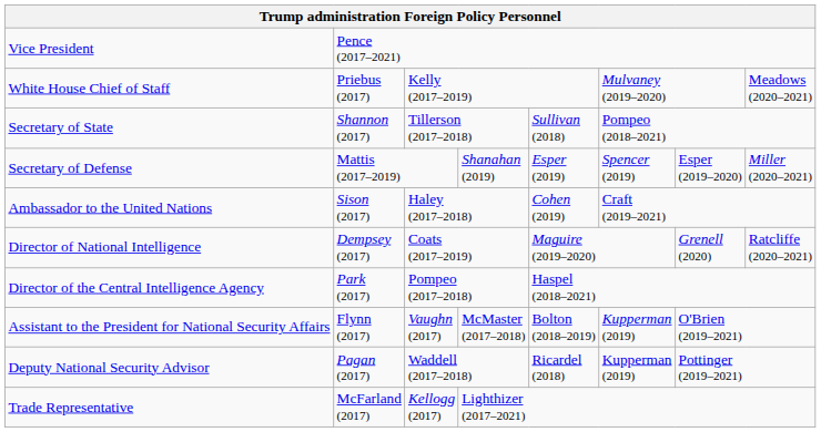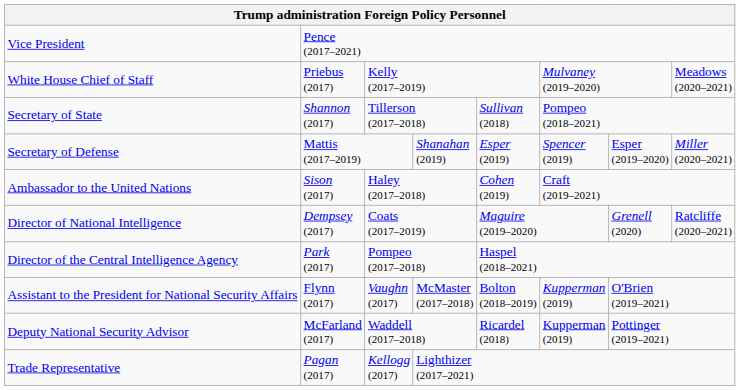 <table class="wikitable">
 <tr>
 <th colspan="8">Trump administration Foreign Policy Personnel</th>
 </tr>
 <tr>
 <td><a href='#'>Vice President</a></td>
 <td colspan="7"><a href='#'>Pence</a><br><small>(2017–2021)</small></td>
 </tr>
 <tr>
 <td><a href='#'>White House Chief of Staff</a></td>
 <td><a href='#'>Priebus</a><br><small>(2017)</small></td>
 <td colspan="3"><a href='#'>Kelly</a><br><small>(2017–2019)</small></td>
 <td colspan="2"><em><a href='#'>Mulvaney</a></em><br><small>(2019–2020)</small></td>
 <td><a href='#'>Meadows</a><br><small>(2020–2021)</small></td>
 </tr>
 <tr>
 <td><a href='#'>Secretary of State</a></td>
 <td><em><a href='#'>Shannon</a></em><br><small>(2017)</small></td>
 <td colspan="2"><a href='#'>Tillerson</a><br><small>(2017–2018)</small></td>
 <td><em><a href='#'>Sullivan</a></em><br><small>(2018)</small></td>
 <td colspan="3"><a href='#'>Pompeo</a><br><small>(2018–2021)</small></td>
 </tr>
 <tr>
 <td><a href='#'>Secretary of Defense</a></td>
 <td colspan="2"><a href='#'>Mattis</a><br><small>(2017–2019)</small></td>
 <td><em><a href='#'>Shanahan</a></em><br><small>(2019)</small></td>
 <td><em><a href='#'>Esper</a></em><br><small>(2019)</small></td>
 <td><em><a href='#'>Spencer</a></em><br><small>(2019)</small></td>
 <td><a href='#'>Esper</a><br><small>(2019–2020)</small></td>
 <td><em><a href='#'>Miller</a></em><br><small>(2020–2021)</small></td>
 </tr>
 <tr>
 <td><a href='#'>Ambassador to the United Nations</a></td>
 <td><em><a href='#'>Sison</a></em><br><small>(2017)</small></td>
 <td colspan="2"><a href='#'>Haley</a><br><small>(2017–2018)</small></td>
 <td><em><a href='#'>Cohen</a></em><br><small>(2019)</small></td>
 <td colspan="3"><a href='#'>Craft</a><br><small>(2019–2021)</small></td>
 </tr>
 <tr>
 <td><a href='#'>Director of National Intelligence</a></td>
 <td><em><a href='#'>Dempsey</a></em><br><small>(2017)</small></td>
 <td colspan="2"><a href='#'>Coats</a><br><small>(2017–2019)</small></td>
 <td colspan="2"><em><a href='#'>Maguire</a></em><br><small>(2019–2020)</small></td>
 <td><a href='#'><em>Grenell</em></a><br><small>(2020)</small></td>
 <td><a href='#'>Ratcliffe</a><br><small>(2020–2021)</small></td>
 </tr>
 <tr>
 <td><a href='#'>Director of the Central Intelligence Agency</a></td>
 <td><a href='#'><em>Park</em></a><br><small>(2017)</small></td>
 <td colspan="2"><a href='#'>Pompeo</a><br><small>(2017–2018)</small></td>
 <td colspan="4"><a href='#'>Haspel</a><br><small>(2018–2021)</small></td>
 </tr>
 <tr>
 <td><a href='#'>Assistant to the President for National Security Affairs</a></td>
 <td><a href='#'>Flynn</a><br><small>(2017)</small></td>
 <td><em><a href='#'>Vaughn</a></em><br><small>(2017)</small></td>
 <td><a href='#'>McMaster</a><br><small>(2017–2018)</small></td>
 <td><a href='#'>Bolton</a><br><small>(2018–2019)</small></td>
 <td><em><a href='#'>Kupperman</a></em><br><small>(2019)</small></td>
 <td colspan="2"><a href='#'>O'Brien</a><br><small>(2019–2021)</small></td>
 </tr>
 <tr>
 <td><a href='#'>Deputy National Security Advisor</a></td>
-<td><em><a href='#'>Pagan</a></em><br><small>(2017)</small></td>
+<td><a href='#'>McFarland</a><br><small>(2017)</small></td>
 <td colspan="2"><a href='#'>Waddell</a><br><small>(2017–2018)</small></td>
 <td><a href='#'>Ricardel</a><br><small>(2018)</small></td>
 <td><a href='#'>Kupperman</a><br><small>(2019)</small></td>
 <td colspan="2"><a href='#'>Pottinger</a><br><small>(2019–2021)</small></td>
 </tr>
 <tr>
 <td><a href='#'>Trade Representative</a></td>
-<td><a href='#'>McFarland</a><br><small>(2017)</small></td>
+<td><em><a href='#'>Pagan</a></em><br><small>(2017)</small></td>
 <td><em><a href='#'>Kellogg</a></em><br><small>(2017)</small></td>
 <td colspan="5"><a href='#'>Lighthizer</a><br><small>(2017–2021)</small></td>
 </tr>
 </table>
